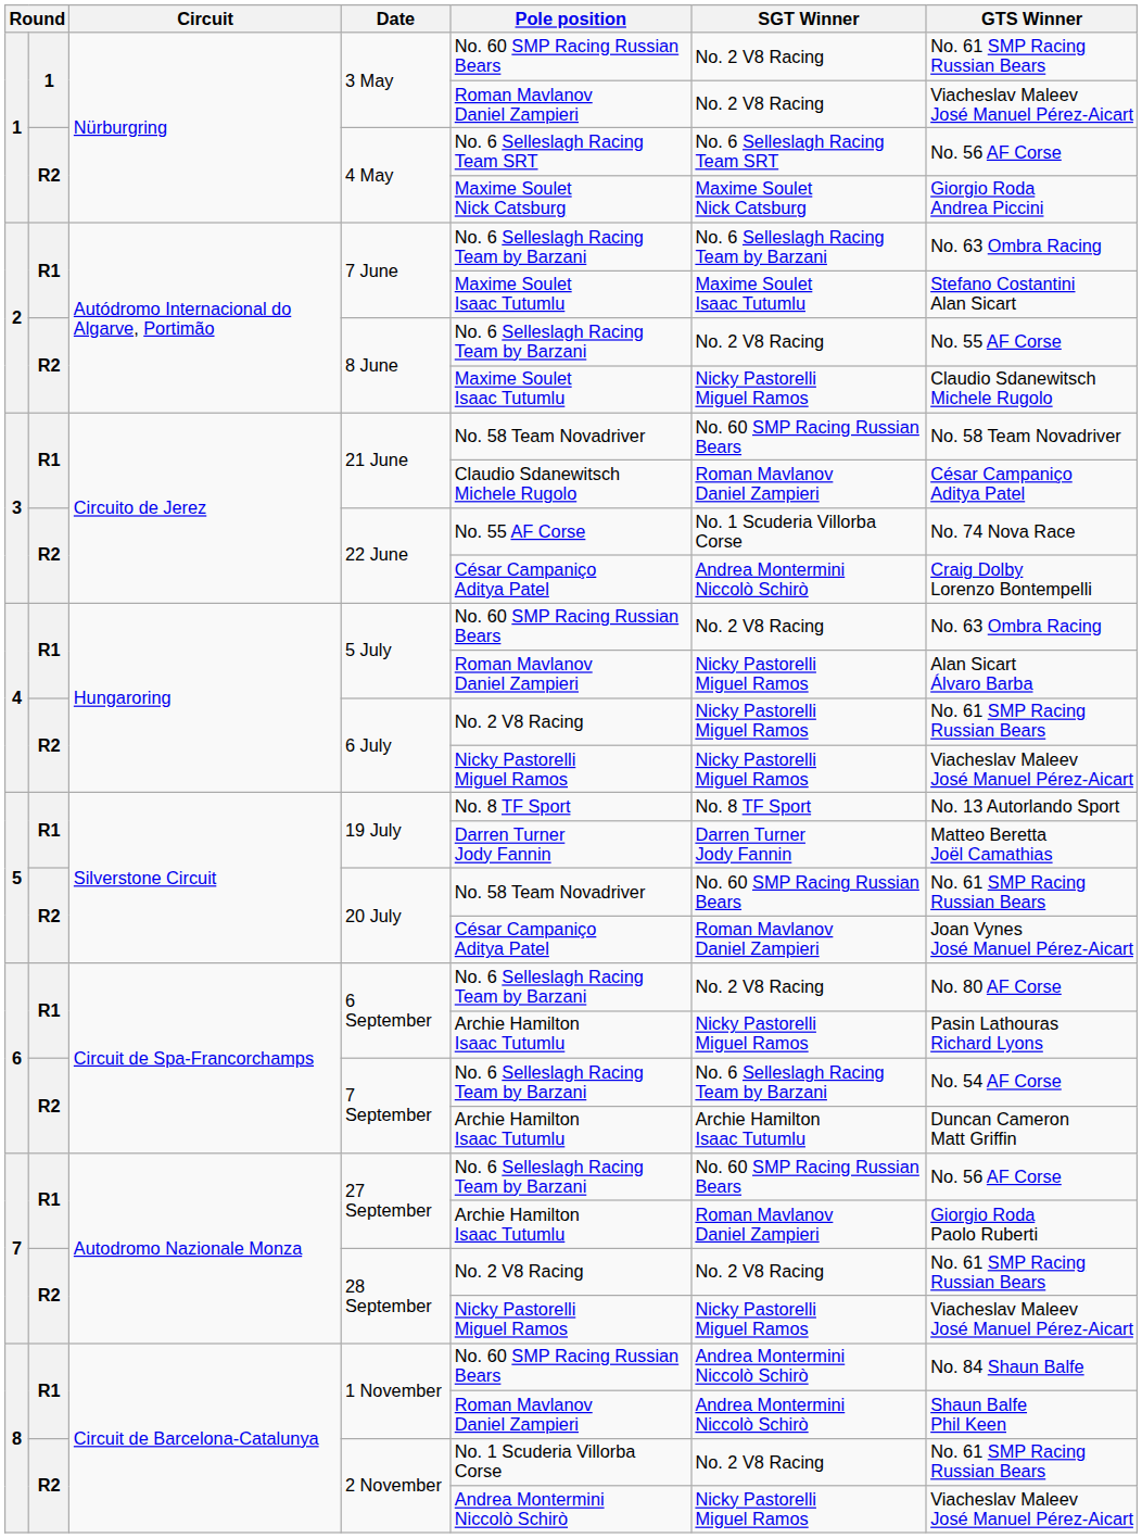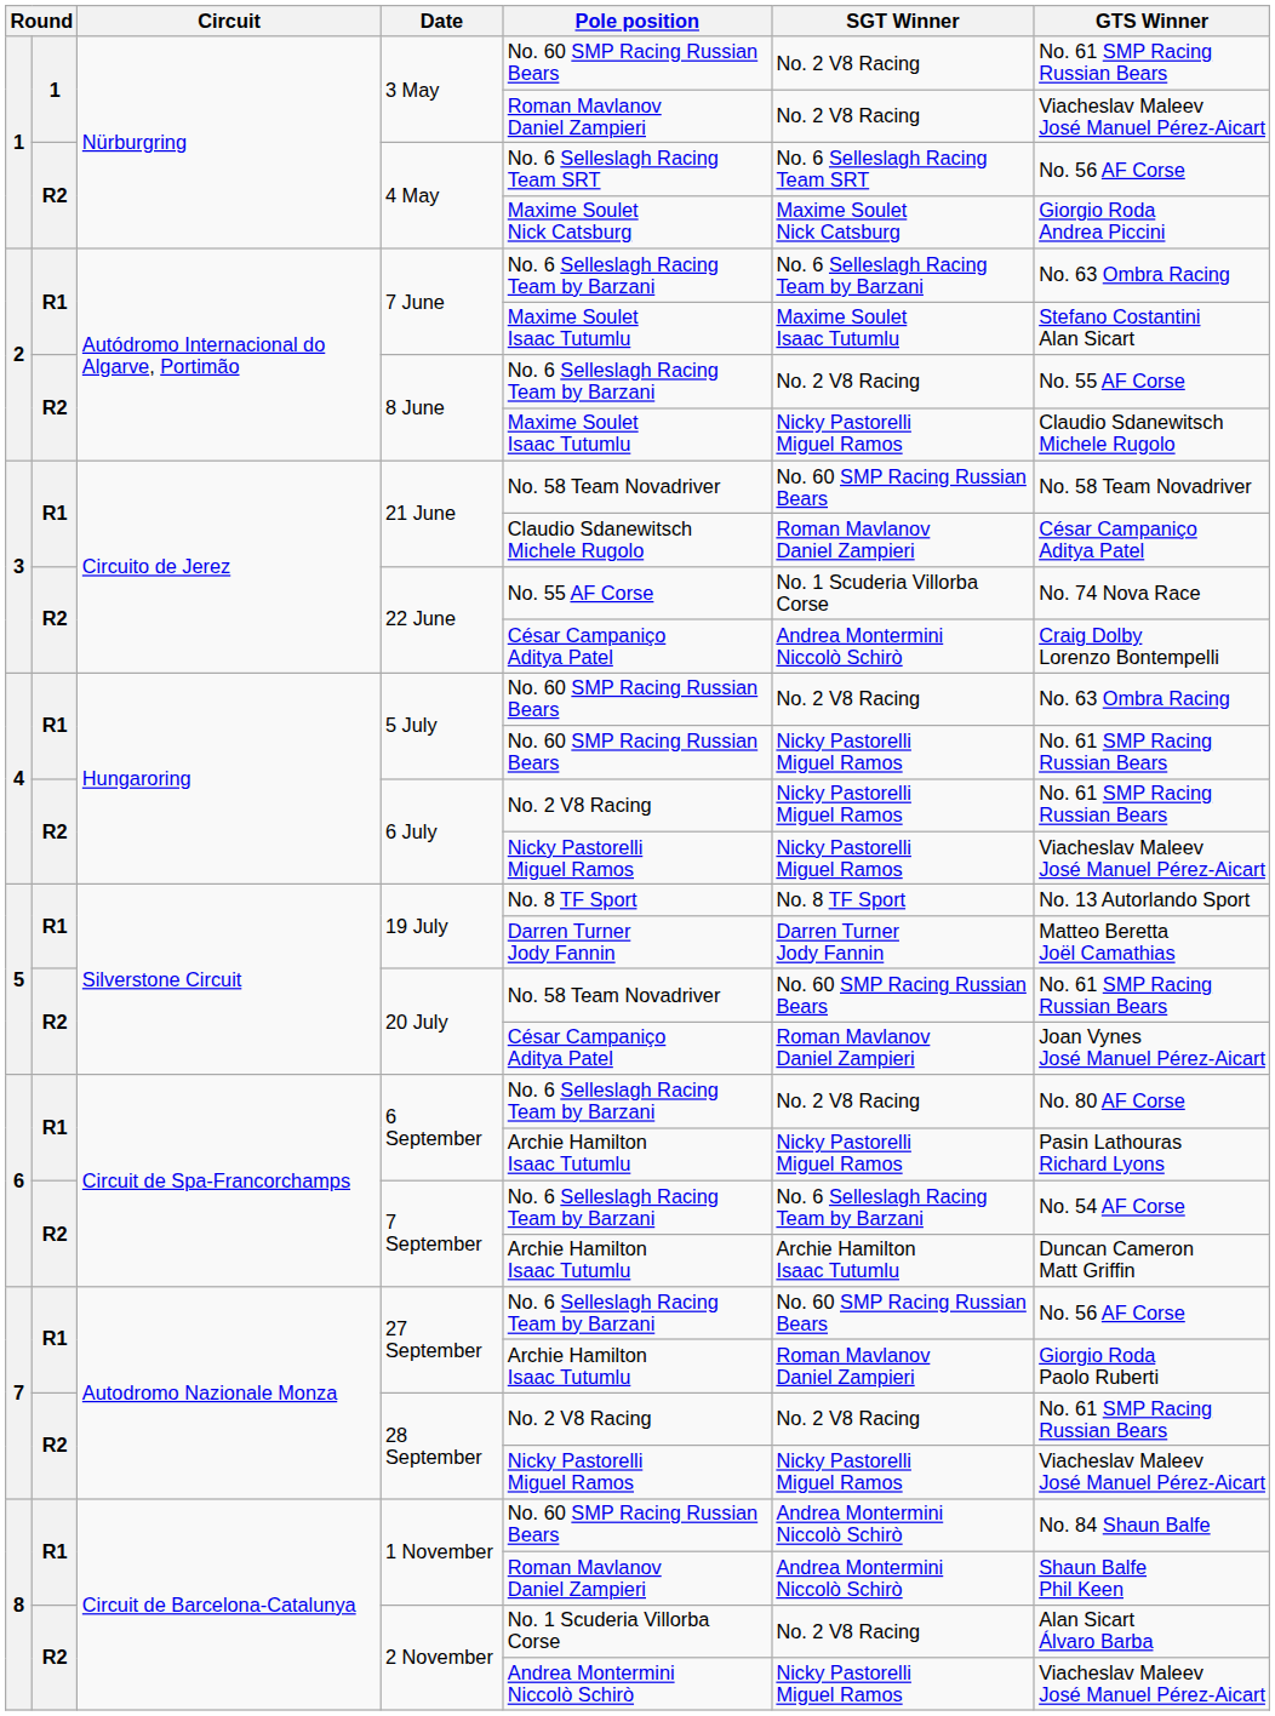 <table class="wikitable" style="font-size: 85%;">
 <tr>
 <th colspan=2>Round</th>
 <th>Circuit</th>
 <th>Date</th>
 <th><a href='#'>Pole position</a></th>
 <th>SGT Winner</th>
 <th>GTS Winner</th>
 </tr>
 <tr>
 <th rowspan=4>1</th>
 <th rowspan=2>1</th>
 <td rowspan=4> <a href='#'>Nürburgring</a></td>
 <td rowspan=2>3 May</td>
 <td> No. 60 <a href='#'>SMP Racing Russian Bears</a></td>
 <td> No. 2 V8 Racing</td>
 <td> No. 61 <a href='#'>SMP Racing Russian Bears</a></td>
 </tr>
 <tr>
 <td> <a href='#'>Roman Mavlanov</a><br> <a href='#'>Daniel Zampieri</a></td>
 <td> No. 2 V8 Racing</td>
 <td> Viacheslav Maleev<br> <a href='#'>José Manuel Pérez-Aicart</a></td>
 </tr>
 <tr>
 <th rowspan=2>R2</th>
 <td rowspan=2>4 May</td>
 <td> No. 6 <a href='#'>Selleslagh Racing Team SRT</a></td>
 <td> No. 6 <a href='#'>Selleslagh Racing Team SRT</a></td>
 <td> No. 56 <a href='#'>AF Corse</a></td>
 </tr>
 <tr>
 <td> <a href='#'>Maxime Soulet</a><br> <a href='#'>Nick Catsburg</a></td>
 <td> <a href='#'>Maxime Soulet</a><br> <a href='#'>Nick Catsburg</a></td>
 <td> <a href='#'>Giorgio Roda</a><br> <a href='#'>Andrea Piccini</a></td>
 </tr>
 <tr>
 <th rowspan=4>2</th>
 <th rowspan=2>R1</th>
 <td rowspan=4> <a href='#'>Autódromo Internacional do Algarve</a>, <a href='#'>Portimão</a></td>
 <td rowspan=2>7 June</td>
 <td> No. 6 <a href='#'>Selleslagh Racing Team by Barzani</a></td>
 <td> No. 6 <a href='#'>Selleslagh Racing Team by Barzani</a></td>
 <td> No. 63 <a href='#'>Ombra Racing</a></td>
 </tr>
 <tr>
 <td> <a href='#'>Maxime Soulet</a><br> <a href='#'>Isaac Tutumlu</a></td>
 <td> <a href='#'>Maxime Soulet</a><br> <a href='#'>Isaac Tutumlu</a></td>
 <td> <a href='#'>Stefano Costantini</a><br> Alan Sicart</td>
 </tr>
 <tr>
 <th rowspan=2>R2</th>
 <td rowspan=2>8 June</td>
 <td> No. 6 <a href='#'>Selleslagh Racing Team by Barzani</a></td>
 <td> No. 2 V8 Racing</td>
 <td> No. 55 <a href='#'>AF Corse</a></td>
 </tr>
 <tr>
 <td> <a href='#'>Maxime Soulet</a><br> <a href='#'>Isaac Tutumlu</a></td>
 <td> <a href='#'>Nicky Pastorelli</a><br> <a href='#'>Miguel Ramos</a></td>
 <td> Claudio Sdanewitsch<br> <a href='#'>Michele Rugolo</a></td>
 </tr>
 <tr>
 <th rowspan=4>3</th>
 <th rowspan=2>R1</th>
 <td rowspan=4> <a href='#'>Circuito de Jerez</a></td>
 <td rowspan=2>21 June</td>
 <td> No. 58 Team Novadriver</td>
 <td> No. 60 <a href='#'>SMP Racing Russian Bears</a></td>
 <td> No. 58 Team Novadriver</td>
 </tr>
 <tr>
 <td> Claudio Sdanewitsch<br> <a href='#'>Michele Rugolo</a></td>
 <td> <a href='#'>Roman Mavlanov</a><br> <a href='#'>Daniel Zampieri</a></td>
 <td> <a href='#'>César Campaniço</a><br> <a href='#'>Aditya Patel</a></td>
 </tr>
 <tr>
 <th rowspan=2>R2</th>
 <td rowspan=2>22 June</td>
 <td> No. 55 <a href='#'>AF Corse</a></td>
 <td> No. 1 Scuderia Villorba Corse</td>
 <td> No. 74 Nova Race</td>
 </tr>
 <tr>
 <td> <a href='#'>César Campaniço</a><br> <a href='#'>Aditya Patel</a></td>
 <td> <a href='#'>Andrea Montermini</a><br> <a href='#'>Niccolò Schirò</a></td>
 <td> <a href='#'>Craig Dolby</a><br> Lorenzo Bontempelli</td>
 </tr>
 <tr>
 <th rowspan=4>4</th>
 <th rowspan=2>R1</th>
 <td rowspan=4> <a href='#'>Hungaroring</a></td>
 <td rowspan=2>5 July</td>
 <td> No. 60 <a href='#'>SMP Racing Russian Bears</a></td>
 <td> No. 2 V8 Racing</td>
 <td> No. 63 <a href='#'>Ombra Racing</a></td>
 </tr>
 <tr>
-<td> <a href='#'>Roman Mavlanov</a><br> <a href='#'>Daniel Zampieri</a></td>
+<td> No. 60 <a href='#'>SMP Racing Russian Bears</a></td>
 <td> <a href='#'>Nicky Pastorelli</a><br> <a href='#'>Miguel Ramos</a></td>
-<td> Alan Sicart<br> <a href='#'>Álvaro Barba</a></td>
+<td> No. 61 <a href='#'>SMP Racing Russian Bears</a></td>
 </tr>
 <tr>
 <th rowspan=2>R2</th>
 <td rowspan=2>6 July</td>
 <td> No. 2 V8 Racing</td>
 <td> <a href='#'>Nicky Pastorelli</a><br> <a href='#'>Miguel Ramos</a></td>
 <td> No. 61 <a href='#'>SMP Racing Russian Bears</a></td>
 </tr>
 <tr>
 <td> <a href='#'>Nicky Pastorelli</a><br> <a href='#'>Miguel Ramos</a></td>
 <td> <a href='#'>Nicky Pastorelli</a><br> <a href='#'>Miguel Ramos</a></td>
 <td> Viacheslav Maleev<br> <a href='#'>José Manuel Pérez-Aicart</a></td>
 </tr>
 <tr>
 <th rowspan=4>5</th>
 <th rowspan=2>R1</th>
 <td rowspan=4> <a href='#'>Silverstone Circuit</a></td>
 <td rowspan=2>19 July</td>
 <td> No. 8 <a href='#'>TF Sport</a></td>
 <td> No. 8 <a href='#'>TF Sport</a></td>
 <td> No. 13 Autorlando Sport</td>
 </tr>
 <tr>
 <td> <a href='#'>Darren Turner</a><br> <a href='#'>Jody Fannin</a></td>
 <td> <a href='#'>Darren Turner</a><br> <a href='#'>Jody Fannin</a></td>
 <td> Matteo Beretta<br> <a href='#'>Joël Camathias</a></td>
 </tr>
 <tr>
 <th rowspan=2>R2</th>
 <td rowspan=2>20 July</td>
 <td> No. 58 Team Novadriver</td>
 <td> No. 60 <a href='#'>SMP Racing Russian Bears</a></td>
 <td> No. 61 <a href='#'>SMP Racing Russian Bears</a></td>
 </tr>
 <tr>
 <td> <a href='#'>César Campaniço</a><br> <a href='#'>Aditya Patel</a></td>
 <td> <a href='#'>Roman Mavlanov</a><br> <a href='#'>Daniel Zampieri</a></td>
 <td> Joan Vynes<br> <a href='#'>José Manuel Pérez-Aicart</a></td>
 </tr>
 <tr>
 <th rowspan=4>6</th>
 <th rowspan=2>R1</th>
 <td rowspan=4> <a href='#'>Circuit de Spa-Francorchamps</a></td>
 <td rowspan=2>6 September</td>
 <td> No. 6 <a href='#'>Selleslagh Racing Team by Barzani</a></td>
 <td> No. 2 V8 Racing</td>
 <td> No. 80 <a href='#'>AF Corse</a></td>
 </tr>
 <tr>
 <td> Archie Hamilton<br> <a href='#'>Isaac Tutumlu</a></td>
 <td> <a href='#'>Nicky Pastorelli</a><br> <a href='#'>Miguel Ramos</a></td>
 <td> Pasin Lathouras<br> <a href='#'>Richard Lyons</a></td>
 </tr>
 <tr>
 <th rowspan=2>R2</th>
 <td rowspan=2>7 September</td>
 <td> No. 6 <a href='#'>Selleslagh Racing Team by Barzani</a></td>
 <td> No. 6 <a href='#'>Selleslagh Racing Team by Barzani</a></td>
 <td> No. 54 <a href='#'>AF Corse</a></td>
 </tr>
 <tr>
 <td> Archie Hamilton<br> <a href='#'>Isaac Tutumlu</a></td>
 <td> Archie Hamilton<br> <a href='#'>Isaac Tutumlu</a></td>
 <td> Duncan Cameron<br> Matt Griffin</td>
 </tr>
 <tr>
 <th rowspan=4>7</th>
 <th rowspan=2>R1</th>
 <td rowspan=4> <a href='#'>Autodromo Nazionale Monza</a></td>
 <td rowspan=2>27 September</td>
 <td> No. 6 <a href='#'>Selleslagh Racing Team by Barzani</a></td>
 <td> No. 60 <a href='#'>SMP Racing Russian Bears</a></td>
 <td> No. 56 <a href='#'>AF Corse</a></td>
 </tr>
 <tr>
 <td> Archie Hamilton<br> <a href='#'>Isaac Tutumlu</a></td>
 <td> <a href='#'>Roman Mavlanov</a><br> <a href='#'>Daniel Zampieri</a></td>
 <td> <a href='#'>Giorgio Roda</a><br> Paolo Ruberti</td>
 </tr>
 <tr>
 <th rowspan=2>R2</th>
 <td rowspan=2>28 September</td>
 <td> No. 2 V8 Racing</td>
 <td> No. 2 V8 Racing</td>
 <td> No. 61 <a href='#'>SMP Racing Russian Bears</a></td>
 </tr>
 <tr>
 <td> <a href='#'>Nicky Pastorelli</a><br> <a href='#'>Miguel Ramos</a></td>
 <td> <a href='#'>Nicky Pastorelli</a><br> <a href='#'>Miguel Ramos</a></td>
 <td> Viacheslav Maleev<br> <a href='#'>José Manuel Pérez-Aicart</a></td>
 </tr>
 <tr>
 <th rowspan=4>8</th>
 <th rowspan=2>R1</th>
 <td rowspan=4> <a href='#'>Circuit de Barcelona-Catalunya</a></td>
 <td rowspan=2>1 November</td>
 <td> No. 60 <a href='#'>SMP Racing Russian Bears</a></td>
 <td> <a href='#'>Andrea Montermini</a><br> <a href='#'>Niccolò Schirò</a></td>
 <td> No. 84 <a href='#'>Shaun Balfe</a></td>
 </tr>
 <tr>
 <td> <a href='#'>Roman Mavlanov</a><br> <a href='#'>Daniel Zampieri</a></td>
 <td> <a href='#'>Andrea Montermini</a><br> <a href='#'>Niccolò Schirò</a></td>
 <td> <a href='#'>Shaun Balfe</a><br> <a href='#'>Phil Keen</a></td>
 </tr>
 <tr>
 <th rowspan=2>R2</th>
 <td rowspan=2>2 November</td>
 <td> No. 1 Scuderia Villorba Corse</td>
 <td> No. 2 V8 Racing</td>
-<td> No. 61 <a href='#'>SMP Racing Russian Bears</a></td>
+<td> Alan Sicart<br> <a href='#'>Álvaro Barba</a></td>
 </tr>
 <tr>
 <td> <a href='#'>Andrea Montermini</a><br> <a href='#'>Niccolò Schirò</a></td>
 <td> <a href='#'>Nicky Pastorelli</a><br> <a href='#'>Miguel Ramos</a></td>
 <td> Viacheslav Maleev<br> <a href='#'>José Manuel Pérez-Aicart</a></td>
 </tr>
 </table>
